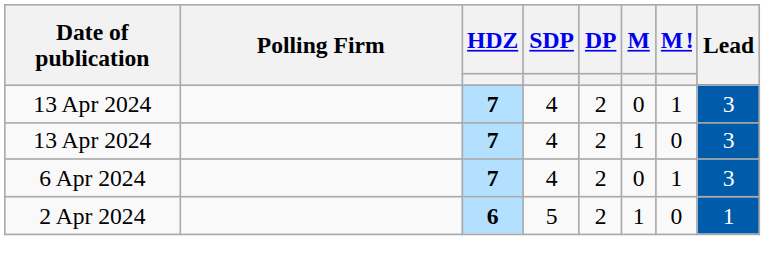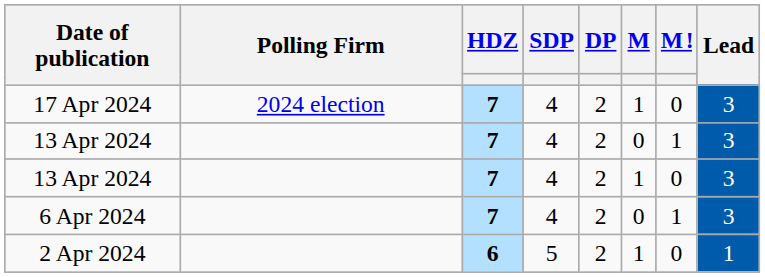 <table class="wikitable sortable" style="text-align:center; font-size:90%; line-height:16px;">
 <tr style="height:42px;">
 <th style="width:100px;" rowspan="2">Date of publication</th>
 <th style="width:165px;" rowspan="2">Polling Firm</th>
 <th><a href='#'>HDZ</a></th>
 <th><a href='#'>SDP</a></th>
 <th><a href='#'>DP</a></th>
 <th><a href='#'>M</a></th>
 <th style="letter-spacing:-1px;"><a href='#'>M !</a></th>
 <th class="unsortable" style="width:20px;" rowspan="2">Lead</th>
 </tr>
 <tr>
 <th style="color:inherit;background:"></th>
 <th data-sort-type="number" style="color:inherit;background:"></th>
 <th style="color:inherit;background:"></th>
 <th style="color:inherit;background:"></th>
 <th style="color:inherit;background:"></th>
+</tr>
+<tr>
+<td>17 Apr 2024</td>
+<td><a href='#'>2024 election</a></td>
+<td style="background:#B3E0FF"><strong>7</strong></td>
+<td>4</td>
+<td>2</td>
+<td>1</td>
+<td>0</td>
+<td style="background:#005BAA; color: white">3</td>
 </tr>
 <tr>
 <td>13 Apr 2024</td>
 <td></td>
 <td style="background:#B3E0FF"><strong>7</strong></td>
 <td>4</td>
 <td>2</td>
 <td>0</td>
 <td>1</td>
 <td style="background:#005BAA; color: white">3</td>
 </tr>
 <tr>
 <td>13 Apr 2024</td>
 <td></td>
 <td style="background:#B3E0FF"><strong>7</strong></td>
 <td>4</td>
 <td>2</td>
 <td>1</td>
 <td>0</td>
 <td style="background:#005BAA; color: white">3</td>
 </tr>
 <tr>
 <td>6 Apr 2024</td>
 <td></td>
 <td style="background:#B3E0FF"><strong>7</strong></td>
 <td>4</td>
 <td>2</td>
 <td>0</td>
 <td>1</td>
 <td style="background:#005BAA; color: white">3</td>
 </tr>
 <tr>
 <td>2 Apr 2024</td>
 <td></td>
 <td style="background:#B3E0FF"><strong>6</strong></td>
 <td>5</td>
 <td>2</td>
 <td>1</td>
 <td>0</td>
 <td style="background:#005BAA; color: white">1</td>
 </tr>
 </table>
